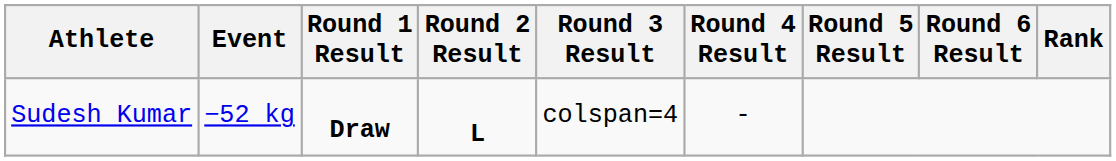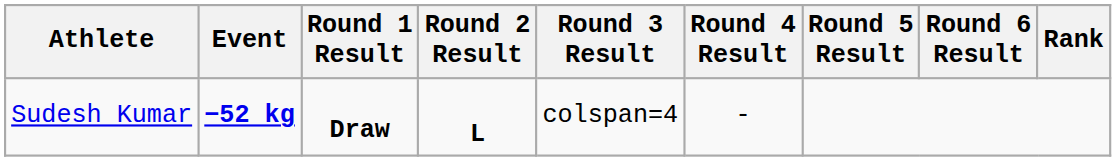 <table class="wikitable" style="font-size:90%">
 <tr>
 <th>Athlete</th>
 <th>Event</th>
 <th>Round 1<br>Result</th>
 <th>Round 2<br>Result</th>
 <th>Round 3<br>Result</th>
 <th>Round 4<br>Result</th>
 <th>Round 5<br>Result</th>
 <th>Round 6<br>Result</th>
 <th>Rank</th>
 </tr>
 <tr align=center>
 <td align=left><a href='#'>Sudesh Kumar</a></td>
-<td align=left><a href='#'>−52 kg</a></td>
+<td align=left><strong><a href='#'>−52 kg</a></strong></td>
 <td><br><strong>Draw</strong></td>
 <td><br><strong>L</strong> <sup></sup></td>
 <td>colspan=4 </td>
 <td>-</td>
 </tr>
 </table>
